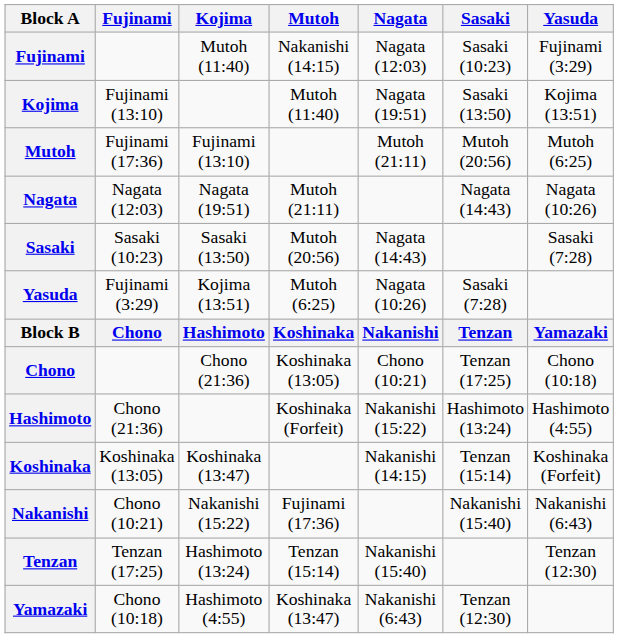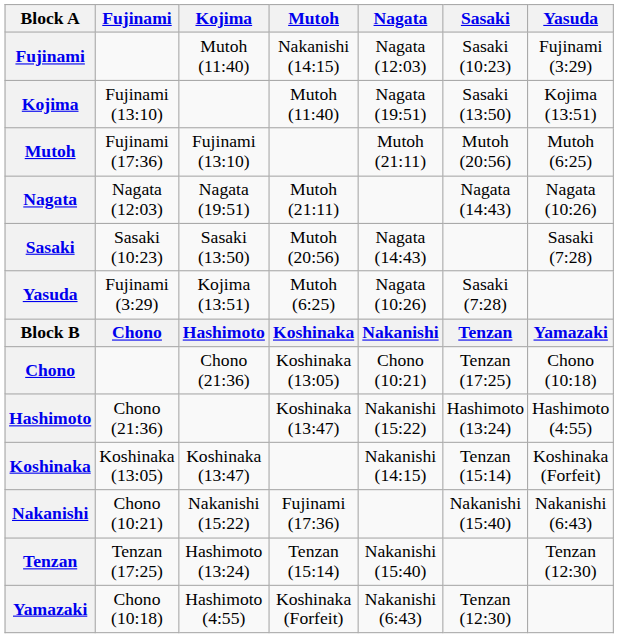 <table class="wikitable" style="margin: 1em auto 1em auto">
 <tr align="center">
 <th>Block A</th>
 <th><a href='#'>Fujinami</a></th>
 <th><a href='#'>Kojima</a></th>
 <th><a href='#'>Mutoh</a></th>
 <th><a href='#'>Nagata</a></th>
 <th><a href='#'>Sasaki</a></th>
 <th><a href='#'>Yasuda</a></th>
 </tr>
 <tr align="center">
 <th><a href='#'>Fujinami</a></th>
 <td></td>
 <td>Mutoh<br>(11:40)</td>
 <td>Nakanishi<br>(14:15)</td>
 <td>Nagata<br>(12:03)</td>
 <td>Sasaki<br>(10:23)</td>
 <td>Fujinami<br>(3:29)</td>
 </tr>
 <tr align="center">
 <th><a href='#'>Kojima</a></th>
 <td>Fujinami<br>(13:10)</td>
 <td></td>
 <td>Mutoh<br>(11:40)</td>
 <td>Nagata<br>(19:51)</td>
 <td>Sasaki<br>(13:50)</td>
 <td>Kojima<br>(13:51)</td>
 </tr>
 <tr align="center">
 <th><a href='#'>Mutoh</a></th>
 <td>Fujinami<br>(17:36)</td>
 <td>Fujinami<br>(13:10)</td>
 <td></td>
 <td>Mutoh<br>(21:11)</td>
 <td>Mutoh<br>(20:56)</td>
 <td>Mutoh<br>(6:25)</td>
 </tr>
 <tr align="center">
 <th><a href='#'>Nagata</a></th>
 <td>Nagata<br>(12:03)</td>
 <td>Nagata<br>(19:51)</td>
 <td>Mutoh<br>(21:11)</td>
 <td></td>
 <td>Nagata<br>(14:43)</td>
 <td>Nagata<br>(10:26)</td>
 </tr>
 <tr align="center">
 <th><a href='#'>Sasaki</a></th>
 <td>Sasaki<br>(10:23)</td>
 <td>Sasaki<br>(13:50)</td>
 <td>Mutoh<br>(20:56)</td>
 <td>Nagata<br>(14:43)</td>
 <td></td>
 <td>Sasaki<br>(7:28)</td>
 </tr>
 <tr align="center">
 <th><a href='#'>Yasuda</a></th>
 <td>Fujinami<br>(3:29)</td>
 <td>Kojima<br>(13:51)</td>
 <td>Mutoh<br>(6:25)</td>
 <td>Nagata<br>(10:26)</td>
 <td>Sasaki<br>(7:28)</td>
 <td></td>
 </tr>
 <tr align="center">
 <th>Block B</th>
 <th><a href='#'>Chono</a></th>
 <th><a href='#'>Hashimoto</a></th>
 <th><a href='#'>Koshinaka</a></th>
 <th><a href='#'>Nakanishi</a></th>
 <th><a href='#'>Tenzan</a></th>
 <th><a href='#'>Yamazaki</a></th>
 </tr>
 <tr align="center">
 <th><a href='#'>Chono</a></th>
 <td></td>
 <td>Chono<br>(21:36)</td>
 <td>Koshinaka<br>(13:05)</td>
 <td>Chono<br>(10:21)</td>
 <td>Tenzan<br>(17:25)</td>
 <td>Chono<br>(10:18)</td>
 </tr>
 <tr align="center">
 <th><a href='#'>Hashimoto</a></th>
 <td>Chono<br>(21:36)</td>
 <td></td>
-<td>Koshinaka<br>(Forfeit)</td>
+<td>Koshinaka<br>(13:47)</td>
 <td>Nakanishi<br>(15:22)</td>
 <td>Hashimoto<br>(13:24)</td>
 <td>Hashimoto<br>(4:55)</td>
 </tr>
 <tr align="center">
 <th><a href='#'>Koshinaka</a></th>
 <td>Koshinaka<br>(13:05)</td>
 <td>Koshinaka<br>(13:47)</td>
 <td></td>
 <td>Nakanishi<br>(14:15)</td>
 <td>Tenzan<br>(15:14)</td>
 <td>Koshinaka<br>(Forfeit)</td>
 </tr>
 <tr align="center">
 <th><a href='#'>Nakanishi</a></th>
 <td>Chono<br>(10:21)</td>
 <td>Nakanishi<br>(15:22)</td>
 <td>Fujinami<br>(17:36)</td>
 <td></td>
 <td>Nakanishi<br>(15:40)</td>
 <td>Nakanishi<br>(6:43)</td>
 </tr>
 <tr align="center">
 <th><a href='#'>Tenzan</a></th>
 <td>Tenzan<br>(17:25)</td>
 <td>Hashimoto<br>(13:24)</td>
 <td>Tenzan<br>(15:14)</td>
 <td>Nakanishi<br>(15:40)</td>
 <td></td>
 <td>Tenzan<br>(12:30)</td>
 </tr>
 <tr align="center">
 <th><a href='#'>Yamazaki</a></th>
 <td>Chono<br>(10:18)</td>
 <td>Hashimoto<br>(4:55)</td>
-<td>Koshinaka<br>(13:47)</td>
+<td>Koshinaka<br>(Forfeit)</td>
 <td>Nakanishi<br>(6:43)</td>
 <td>Tenzan<br>(12:30)</td>
 <td></td>
 </tr>
 </table>
